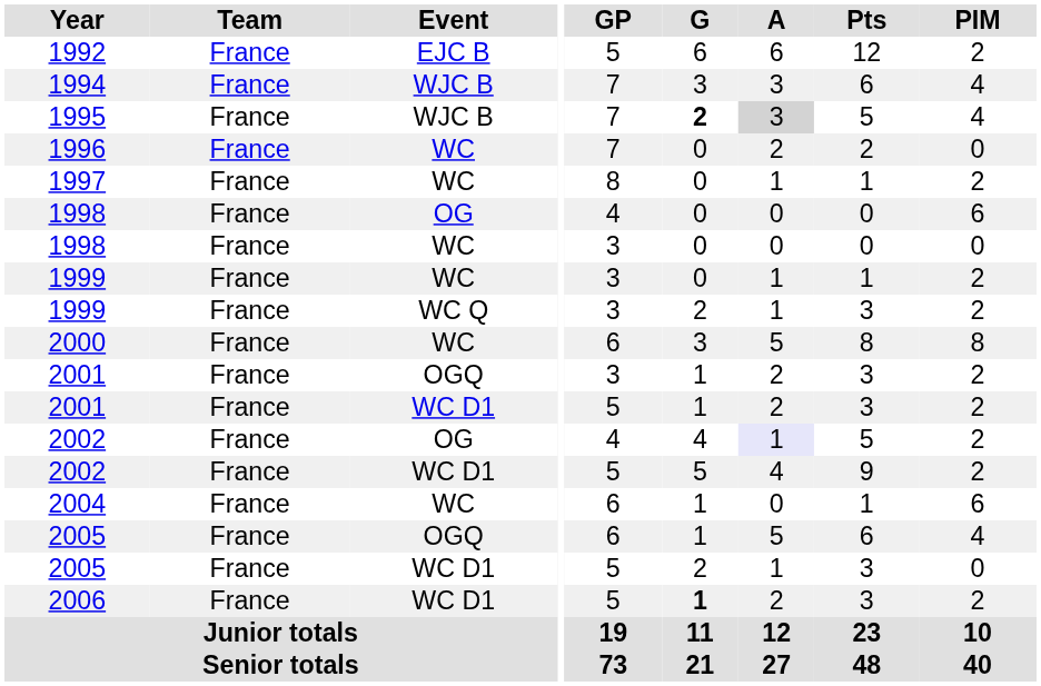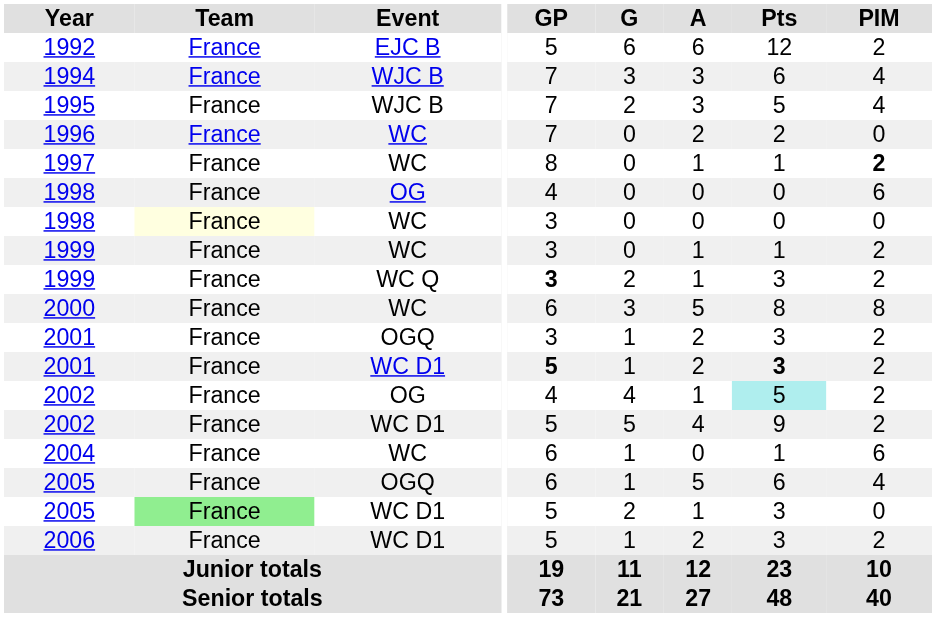 <table border="0" cellpadding="1" cellspacing="0" ID="Table3" style="text-align:center; width:40em">
 <tr ALIGN="center" bgcolor="#e0e0e0">
 <th>Year</th>
 <th>Team</th>
 <th>Event</th>
 <th rowspan="102" bgcolor="#ffffff"></th>
 <th>GP</th>
 <th>G</th>
 <th>A</th>
 <th>Pts</th>
 <th>PIM</th>
 </tr>
 <tr>
 <td><a href='#'>1992</a></td>
 <td><a href='#'>France</a></td>
 <td><a href='#'>EJC B</a></td>
 <td>5</td>
 <td>6</td>
 <td>6</td>
 <td>12</td>
 <td>2</td>
 </tr>
 <tr bgcolor="#f0f0f0">
 <td><a href='#'>1994</a></td>
 <td><a href='#'>France</a></td>
 <td><a href='#'>WJC B</a></td>
 <td>7</td>
 <td>3</td>
 <td>3</td>
 <td>6</td>
 <td>4</td>
 </tr>
 <tr>
 <td><a href='#'>1995</a></td>
 <td>France</td>
 <td>WJC B</td>
 <td>7</td>
-<td><strong>2</strong></td>
-<td style="background: lightgrey;">3</td>
+<td>2</td>
+<td>3</td>
 <td>5</td>
 <td>4</td>
 </tr>
 <tr bgcolor="#f0f0f0">
 <td><a href='#'>1996</a></td>
 <td><a href='#'>France</a></td>
 <td><a href='#'>WC</a></td>
 <td>7</td>
 <td>0</td>
 <td>2</td>
 <td>2</td>
 <td>0</td>
 </tr>
 <tr>
 <td><a href='#'>1997</a></td>
 <td>France</td>
 <td>WC</td>
 <td>8</td>
 <td>0</td>
 <td>1</td>
 <td>1</td>
-<td>2</td>
+<td><strong>2</strong></td>
 </tr>
 <tr bgcolor="#f0f0f0">
 <td><a href='#'>1998</a></td>
 <td>France</td>
 <td><a href='#'>OG</a></td>
 <td>4</td>
 <td>0</td>
 <td>0</td>
 <td>0</td>
 <td>6</td>
 </tr>
 <tr>
 <td><a href='#'>1998</a></td>
-<td>France</td>
+<td style="background: lightyellow;">France</td>
 <td>WC</td>
 <td>3</td>
 <td>0</td>
 <td>0</td>
 <td>0</td>
 <td>0</td>
 </tr>
 <tr bgcolor="#f0f0f0">
 <td><a href='#'>1999</a></td>
 <td>France</td>
 <td>WC</td>
 <td>3</td>
 <td>0</td>
 <td>1</td>
 <td>1</td>
 <td>2</td>
 </tr>
 <tr>
 <td><a href='#'>1999</a></td>
 <td>France</td>
 <td>WC Q</td>
-<td>3</td>
+<td><strong>3</strong></td>
 <td>2</td>
 <td>1</td>
 <td>3</td>
 <td>2</td>
 </tr>
 <tr bgcolor="#f0f0f0">
 <td><a href='#'>2000</a></td>
 <td>France</td>
 <td>WC</td>
 <td>6</td>
 <td>3</td>
 <td>5</td>
 <td>8</td>
 <td>8</td>
 </tr>
 <tr>
 <td><a href='#'>2001</a></td>
 <td>France</td>
 <td>OGQ</td>
 <td>3</td>
 <td>1</td>
 <td>2</td>
 <td>3</td>
 <td>2</td>
 </tr>
 <tr bgcolor="#f0f0f0">
 <td><a href='#'>2001</a></td>
 <td>France</td>
 <td><a href='#'>WC D1</a></td>
-<td>5</td>
+<td><strong>5</strong></td>
 <td>1</td>
 <td>2</td>
-<td>3</td>
+<td><strong>3</strong></td>
 <td>2</td>
 </tr>
 <tr>
 <td><a href='#'>2002</a></td>
 <td>France</td>
 <td>OG</td>
 <td>4</td>
 <td>4</td>
-<td style="background: lavender;">1</td>
-<td>5</td>
+<td>1</td>
+<td style="background: paleturquoise;">5</td>
 <td>2</td>
 </tr>
 <tr bgcolor="#f0f0f0">
 <td><a href='#'>2002</a></td>
 <td>France</td>
 <td>WC D1</td>
 <td>5</td>
 <td>5</td>
 <td>4</td>
 <td>9</td>
 <td>2</td>
 </tr>
 <tr>
 <td><a href='#'>2004</a></td>
 <td>France</td>
 <td>WC</td>
 <td>6</td>
 <td>1</td>
 <td>0</td>
 <td>1</td>
 <td>6</td>
 </tr>
 <tr bgcolor="#f0f0f0">
 <td><a href='#'>2005</a></td>
 <td>France</td>
 <td>OGQ</td>
 <td>6</td>
 <td>1</td>
 <td>5</td>
 <td>6</td>
 <td>4</td>
 </tr>
 <tr>
 <td><a href='#'>2005</a></td>
-<td>France</td>
+<td style="background: lightgreen;">France</td>
 <td>WC D1</td>
 <td>5</td>
 <td>2</td>
 <td>1</td>
 <td>3</td>
 <td>0</td>
 </tr>
 <tr bgcolor="#f0f0f0">
 <td><a href='#'>2006</a></td>
 <td>France</td>
 <td>WC D1</td>
 <td>5</td>
-<td><strong>1</strong></td>
+<td>1</td>
 <td>2</td>
 <td>3</td>
 <td>2</td>
 </tr>
 <tr bgcolor="#e0e0e0">
 <th colspan=3>Junior totals</th>
 <th>19</th>
 <th>11</th>
 <th>12</th>
 <th>23</th>
 <th>10</th>
 </tr>
 <tr bgcolor="#e0e0e0">
 <th colspan=3>Senior totals</th>
 <th>73</th>
 <th>21</th>
 <th>27</th>
 <th>48</th>
 <th>40</th>
 </tr>
 </table>
